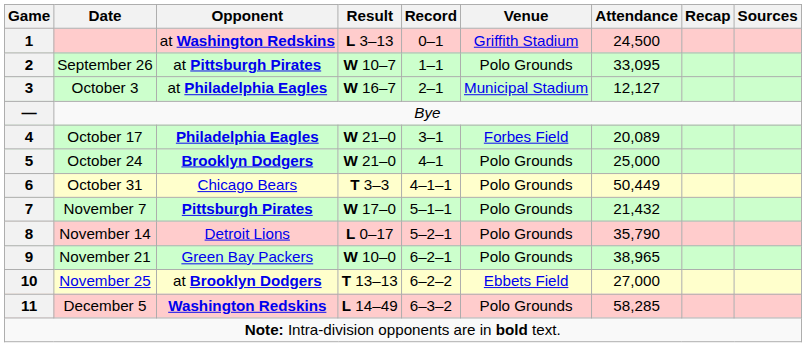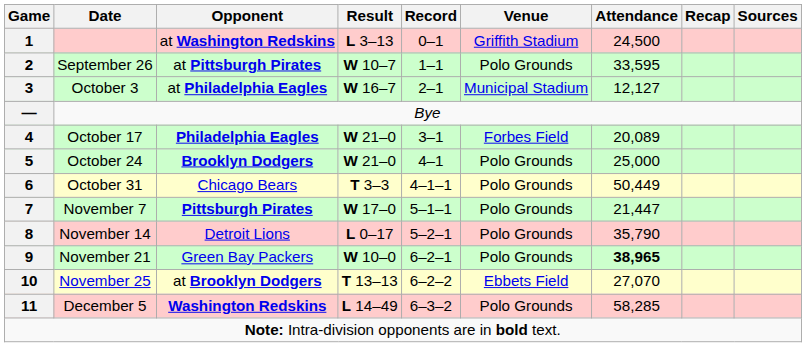 <table class="wikitable" style="text-align:center">
 <tr>
 <th>Game</th>
 <th>Date</th>
 <th>Opponent</th>
 <th>Result</th>
 <th>Record</th>
 <th>Venue</th>
 <th>Attendance</th>
 <th>Recap</th>
 <th>Sources</th>
 </tr>
 <tr style="background:#fcc">
 <th>1</th>
 <td></td>
 <td>at <strong><a href='#'>Washington Redskins</a></strong></td>
 <td><strong>L</strong> 3–13</td>
 <td>0–1</td>
 <td><a href='#'>Griffith Stadium</a></td>
 <td>24,500</td>
 <td></td>
 <td></td>
 </tr>
 <tr style="background:#cfc">
 <th>2</th>
 <td>September 26</td>
 <td>at <strong><a href='#'>Pittsburgh Pirates</a></strong></td>
 <td><strong>W</strong> 10–7</td>
 <td>1–1</td>
 <td>Polo Grounds</td>
-<td>33,095</td>
+<td>33,595</td>
 <td></td>
 <td></td>
 </tr>
 <tr style="background:#cfc">
 <th>3</th>
 <td>October 3</td>
 <td>at <strong><a href='#'>Philadelphia Eagles</a></strong></td>
 <td><strong>W</strong> 16–7</td>
 <td>2–1</td>
 <td><a href='#'>Municipal Stadium</a></td>
 <td>12,127 </td>
 <td></td>
 <td></td>
 </tr>
 <tr>
 <th>—</th>
 <td colspan="9"><em>Bye</em></td>
 </tr>
 <tr style="background:#cfc">
 <th>4</th>
 <td>October 17</td>
 <td><strong><a href='#'>Philadelphia Eagles</a></strong></td>
 <td><strong>W</strong> 21–0</td>
 <td>3–1</td>
 <td><a href='#'>Forbes Field</a></td>
 <td>20,089</td>
 <td></td>
 <td></td>
 </tr>
 <tr style="background:#cfc">
 <th>5</th>
 <td>October 24</td>
 <td><strong><a href='#'>Brooklyn Dodgers</a></strong></td>
 <td><strong>W</strong> 21–0</td>
 <td>4–1</td>
 <td>Polo Grounds</td>
 <td>25,000</td>
 <td></td>
 <td></td>
 </tr>
 <tr style="background:#ffc">
 <th>6</th>
 <td>October 31</td>
 <td><a href='#'>Chicago Bears</a></td>
 <td><strong>T</strong> 3–3</td>
 <td>4–1–1</td>
 <td>Polo Grounds</td>
 <td>50,449</td>
 <td></td>
 <td></td>
 </tr>
 <tr style="background:#cfc">
 <th>7</th>
 <td>November 7</td>
 <td><strong><a href='#'>Pittsburgh Pirates</a></strong></td>
 <td><strong>W</strong> 17–0</td>
 <td>5–1–1</td>
 <td>Polo Grounds</td>
-<td>21,432</td>
+<td>21,447</td>
 <td></td>
 <td></td>
 </tr>
 <tr style="background:#fcc">
 <th>8</th>
 <td>November 14</td>
 <td><a href='#'>Detroit Lions</a></td>
 <td><strong>L</strong> 0–17</td>
 <td>5–2–1</td>
 <td>Polo Grounds</td>
 <td>35,790</td>
 <td></td>
 <td></td>
 </tr>
 <tr style="background:#cfc">
 <th>9</th>
 <td>November 21</td>
 <td><a href='#'>Green Bay Packers</a></td>
 <td><strong>W</strong> 10–0</td>
 <td>6–2–1</td>
 <td>Polo Grounds</td>
-<td>38,965</td>
+<td><strong>38,965</strong></td>
 <td></td>
 <td></td>
 </tr>
 <tr style="background:#ffc">
 <th>10</th>
 <td><a href='#'>November 25</a></td>
 <td>at <strong><a href='#'>Brooklyn Dodgers</a></strong></td>
 <td><strong>T</strong> 13–13</td>
 <td>6–2–2</td>
 <td><a href='#'>Ebbets Field</a></td>
-<td>27,000</td>
+<td>27,070</td>
 <td></td>
 <td></td>
 </tr>
 <tr style="background:#fcc">
 <th>11</th>
 <td>December 5</td>
 <td><strong><a href='#'>Washington Redskins</a></strong></td>
 <td><strong>L</strong> 14–49</td>
 <td>6–3–2</td>
 <td>Polo Grounds</td>
 <td>58,285</td>
 <td></td>
 <td></td>
 </tr>
 <tr>
 <td colspan="10"><strong>Note:</strong> Intra-division opponents are in <strong>bold</strong> text.</td>
 </tr>
 </table>
